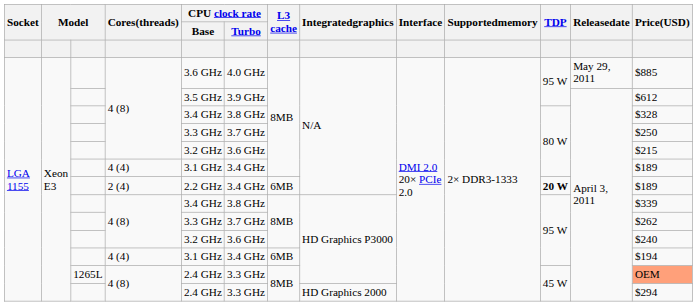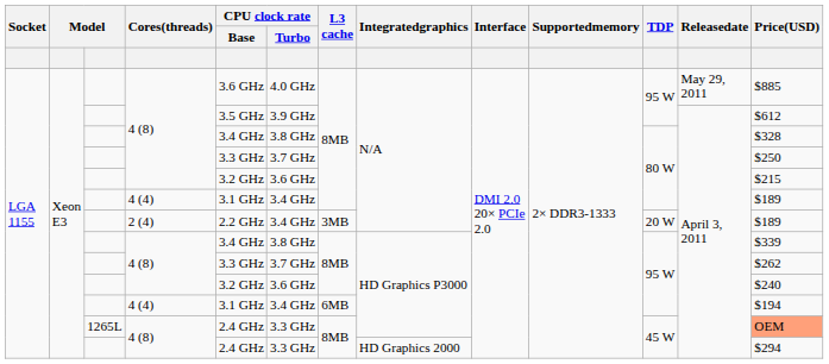 <table class="wikitable sortable hover-highlight">
 <tr>
 <th rowspan="2">Socket</th>
 <th colspan="2" rowspan="2">Model</th>
 <th rowspan="2">Cores(threads)</th>
 <th colspan="2">CPU <a href='#'>clock rate</a></th>
 <th rowspan="2"><a href='#'>L3</a><br><a href='#'>cache</a></th>
 <th rowspan="2">Integratedgraphics</th>
 <th rowspan="2">Interface</th>
 <th rowspan="2">Supportedmemory</th>
 <th rowspan="2"><a href='#'>TDP</a></th>
 <th rowspan="2">Releasedate</th>
 <th rowspan="2">Price(USD)</th>
 </tr>
 <tr>
 <th>Base</th>
 <th><a href='#'>Turbo</a></th>
 </tr>
 <tr>
 <th style="background-position:center"><br></th>
 <th style="background-position:center"></th>
 <th style="background-position:center"></th>
 <th style="background-position:center"></th>
 <th style="background-position:center"></th>
 <th style="background-position:center"></th>
 <th style="background-position:center"></th>
 <th style="background-position:center"></th>
 <th style="background-position:center"></th>
 <th style="background-position:center"></th>
 <th style="background-position:center"></th>
 <th style="background-position:center"></th>
 <th style="background-position:center"></th>
 </tr>
 <tr>
 <td rowspan="13"><a href='#'>LGA 1155</a></td>
 <td rowspan="13">Xeon<br>E3</td>
 <td></td>
 <td rowspan="5">4 (8)</td>
 <td>3.6 GHz</td>
 <td>4.0 GHz</td>
 <td rowspan="6">8MB</td>
 <td rowspan="7">N/A</td>
 <td rowspan="13"><a href='#'>DMI 2.0</a><br>20× <a href='#'>PCIe</a> 2.0 </td>
 <td rowspan="13">2× DDR3-1333</td>
 <td rowspan="2">95 W</td>
 <td>May 29, 2011</td>
 <td>$885</td>
 </tr>
 <tr>
 <td></td>
 <td>3.5 GHz</td>
 <td>3.9 GHz</td>
 <td rowspan="12">April 3, 2011</td>
 <td>$612</td>
 </tr>
 <tr>
 <td></td>
 <td>3.4 GHz</td>
 <td>3.8 GHz</td>
 <td rowspan="4">80 W</td>
 <td>$328</td>
 </tr>
 <tr>
 <td></td>
 <td>3.3 GHz</td>
 <td>3.7 GHz</td>
 <td>$250</td>
 </tr>
 <tr>
 <td></td>
 <td>3.2 GHz</td>
 <td>3.6 GHz</td>
 <td>$215</td>
 </tr>
 <tr>
 <td></td>
 <td>4 (4)</td>
 <td>3.1 GHz</td>
 <td>3.4 GHz</td>
 <td>$189</td>
 </tr>
 <tr>
 <td></td>
 <td>2 (4)</td>
 <td>2.2 GHz</td>
 <td>3.4 GHz</td>
-<td>6MB</td>
-<td><strong>20 W</strong></td>
+<td>3MB</td>
+<td>20 W</td>
 <td>$189</td>
 </tr>
 <tr>
 <td></td>
 <td rowspan="3">4 (8)</td>
 <td>3.4 GHz</td>
 <td>3.8 GHz</td>
 <td rowspan="3">8MB</td>
 <td rowspan="5">HD Graphics P3000</td>
 <td rowspan="4">95 W</td>
 <td>$339</td>
 </tr>
 <tr>
 <td></td>
 <td>3.3 GHz</td>
 <td>3.7 GHz</td>
 <td>$262</td>
 </tr>
 <tr>
 <td></td>
 <td>3.2 GHz</td>
 <td>3.6 GHz</td>
 <td>$240</td>
 </tr>
 <tr>
 <td></td>
 <td>4 (4)</td>
 <td>3.1 GHz</td>
 <td>3.4 GHz</td>
 <td>6MB</td>
 <td>$194</td>
 </tr>
 <tr>
 <td>1265L</td>
 <td rowspan="2">4 (8)</td>
 <td>2.4 GHz</td>
 <td>3.3 GHz</td>
 <td rowspan="2">8MB</td>
 <td rowspan="2">45 W</td>
 <td style="background: lightsalmon;">OEM</td>
 </tr>
 <tr>
 <td></td>
 <td>2.4 GHz</td>
 <td>3.3 GHz</td>
 <td>HD Graphics 2000</td>
 <td>$294</td>
 </tr>
 </table>
